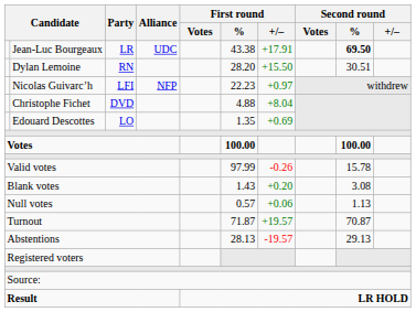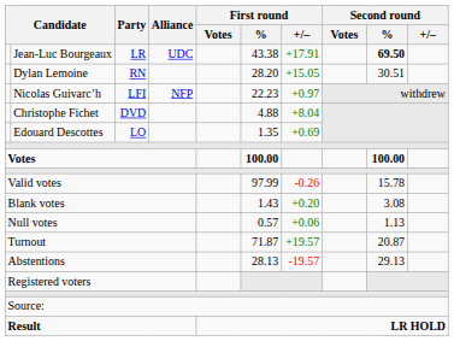 <table class="wikitable" style="text-align:right;font-size:95%;">
 <tr>
 <th rowspan="2" colspan="2">Candidate</th>
 <th colspan="1" rowspan="2">Party</th>
 <th colspan="1" rowspan="2">Alliance</th>
 <th colspan="3">First round</th>
 <th colspan="3">Second round</th>
 </tr>
 <tr>
 <th style="width:50px;">Votes</th>
 <th style="width:45px;">%</th>
 <th style="width:45px;">+/–</th>
 <th style="width:50px;">Votes</th>
 <th style="width:45px;">%</th>
 <th style="width:45px;">+/–</th>
 </tr>
 <tr>
 <td style="color:inherit;background:"></td>
 <td style="text-align:left;">Jean-Luc Bourgeaux</td>
 <td><a href='#'>LR</a></td>
 <td><a href='#'>UDC</a></td>
 <td></td>
 <td>43.38</td>
 <td style="color:green;">+17.91</td>
 <td><strong></strong></td>
 <td><strong>69.50</strong></td>
 <td style="color:grey;"></td>
 </tr>
 <tr>
 <td style="color:inherit;background:"></td>
 <td style="text-align:left;">Dylan Lemoine</td>
 <td><a href='#'>RN</a></td>
 <td></td>
 <td></td>
 <td>28.20</td>
-<td style="color:green;">+15.50</td>
+<td style="color:green;">+15.05</td>
 <td></td>
 <td>30.51</td>
 <td style="color:grey;"></td>
 </tr>
 <tr>
 <td style="color:inherit;background:"></td>
 <td style="text-align:left;">Nicolas Guivarc’h</td>
 <td><a href='#'>LFI</a></td>
 <td><a href='#'>NFP</a></td>
 <td></td>
 <td>22.23</td>
 <td style="color:green;">+0.97</td>
 <td colspan="3" style="background:#E9E9E9;">withdrew</td>
 </tr>
 <tr>
 <td style="color:inherit;background:"></td>
 <td style="text-align:left;">Christophe Fichet</td>
 <td><a href='#'>DVD</a></td>
 <td></td>
 <td></td>
 <td>4.88</td>
 <td style="color:green;">+8.04</td>
 <td colspan="3" rowspan="2" style="background:#E9E9E9;"></td>
 </tr>
 <tr>
 <td style="color:inherit;background:"></td>
 <td style="text-align:left;">Edouard Descottes</td>
 <td><a href='#'>LO</a></td>
 <td></td>
 <td></td>
 <td>1.35</td>
 <td style="color:green;">+0.69</td>
 </tr>
 <tr>
 <td colspan="10" style="background:#E9E9E9;"></td>
 </tr>
 <tr style="font-weight:bold;">
 <td colspan="4" style="text-align:left;">Votes</td>
 <td></td>
 <td>100.00</td>
 <td></td>
 <td></td>
 <td>100.00</td>
 <td></td>
 </tr>
 <tr>
 <td colspan="10" style="background:#E9E9E9;"></td>
 </tr>
 <tr>
 <td colspan="4" style="text-align:left;">Valid votes</td>
 <td></td>
 <td>97.99</td>
 <td style="color:red;">-0.26</td>
 <td></td>
 <td>15.78</td>
 <td style="color:grey;"></td>
 </tr>
 <tr>
 <td colspan="4" style="text-align:left;">Blank votes</td>
 <td></td>
 <td>1.43</td>
 <td style="color:green;">+0.20</td>
 <td></td>
 <td>3.08</td>
 <td style="color:grey;"></td>
 </tr>
 <tr>
 <td colspan="4" style="text-align:left;">Null votes</td>
 <td></td>
 <td>0.57</td>
 <td style="color:green;">+0.06</td>
 <td></td>
 <td>1.13</td>
 <td style="color:grey;"></td>
 </tr>
 <tr>
 <td colspan="4" style="text-align:left;">Turnout</td>
 <td></td>
 <td>71.87</td>
 <td style="color:green;">+19.57</td>
 <td></td>
-<td>70.87</td>
+<td>20.87</td>
 <td style="color:grey;"></td>
 </tr>
 <tr>
 <td colspan="4" style="text-align:left;">Abstentions</td>
 <td></td>
 <td>28.13</td>
 <td style="color:red;">-19.57</td>
 <td></td>
 <td>29.13</td>
 <td style="color:grey;"></td>
 </tr>
 <tr>
 <td colspan="4" style="text-align:left;">Registered voters</td>
 <td></td>
 <td colspan="2" style="background:#E9E9E9;"></td>
 <td></td>
 <td colspan="2" style="background:#E9E9E9;"></td>
 </tr>
 <tr>
 <td colspan="10" style="background:#E9E9E9;"></td>
 </tr>
 <tr>
 <td colspan="10" style="text-align:left;">Source: </td>
 </tr>
 <tr style="font-weight:bold">
 <td colspan="4" style="text-align:left;">Result</td>
 <td colspan="6" style="background-color:">LR HOLD</td>
 </tr>
 </table>
